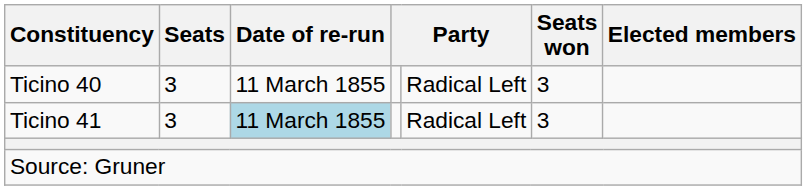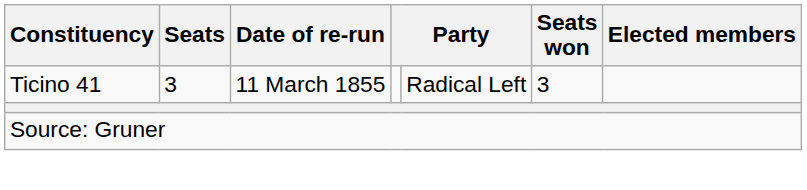 <table class="wikitable" border="1">
 <tr>
 <th>Constituency</th>
 <th>Seats</th>
 <th>Date of re-run</th>
 <th colspan="2">Party</th>
 <th>Seats<br>won</th>
 <th>Elected members</th>
 </tr>
 <tr>
-<td>Ticino 40</td>
+<td>Ticino 41</td>
 <td>3</td>
 <td>11 March 1855</td>
-<td style="color:inherit;background:"></td>
-<td>Radical Left</td>
-<td>3</td>
-<td></td>
-</tr>
-<tr>
-<td>Ticino 41</td>
-<td>3</td>
-<td style="background: lightblue;">11 March 1855</td>
 <td style="color:inherit;background:"></td>
 <td>Radical Left</td>
 <td>3</td>
 <td></td>
 </tr>
 <tr>
 <th colspan="7"></th>
 </tr>
 <tr>
 <td colspan="7">Source: Gruner</td>
 </tr>
 </table>
